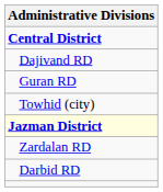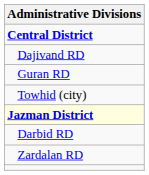 <table class="wikitable">
 <tr>
 <th>Administrative Divisions</th>
 </tr>
 <tr>
 <td><strong><a href='#'>Central District</a></strong></td>
 </tr>
 <tr>
 <td style="padding-left: 1em;"><a href='#'>Dajivand RD</a></td>
 </tr>
 <tr>
 <td style="padding-left: 1em;"><a href='#'>Guran RD</a></td>
 </tr>
 <tr>
 <td style="padding-left: 1em;"><a href='#'>Towhid</a> (city)</td>
 </tr>
 <tr>
 <td style="background: lightyellow;"><strong><a href='#'>Jazman District</a></strong></td>
 </tr>
 <tr>
-<td style="padding-left: 1em;"><a href='#'>Zardalan RD</a></td>
+<td style="padding-left: 1em;"><a href='#'>Darbid RD</a></td>
 </tr>
 <tr>
-<td style="padding-left: 1em;"><a href='#'>Darbid RD</a></td>
+<td style="padding-left: 1em;"><a href='#'>Zardalan RD</a></td>
 </tr>
 <tr>
 <td colspan=1></td>
 </tr>
 </table>
